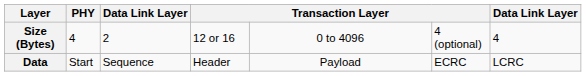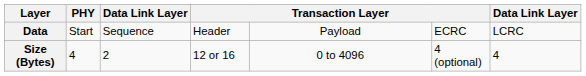 <table class="wikitable">
 <tr>
 <th scope="row" scope="col" style="width: 80px;">Layer</th>
 <th scope="col" style="width: 40px;">PHY</th>
 <th scope="col" style="width: 120px;">Data Link Layer</th>
 <th scope="col" colspan="3" style="width: 400px;">Transaction Layer</th>
 <th scope="col" style="width: 120px;">Data Link Layer</th>
+</tr>
+<tr>
+<th scope="row">Data</th>
+<td>Start</td>
+<td>Sequence</td>
+<td scope="col" style="width: 75px;">Header</td>
+<td scope="col" style="width: 250px;text-align:center;">Payload</td>
+<td scope="col" style="width: 75px;">ECRC</td>
+<td>LCRC</td>
 </tr>
 <tr>
 <th scope="row">Size (Bytes)</th>
 <td>4</td>
 <td>2</td>
 <td>12 or 16</td>
 <td scope="col" style="text-align:center;">0 to 4096</td>
 <td>4 (optional)</td>
 <td>4</td>
 </tr>
-<tr>
-<th scope="row">Data</th>
-<td>Start</td>
-<td>Sequence</td>
-<td scope="col" style="width: 75px;">Header</td>
-<td scope="col" style="width: 250px;text-align:center;">Payload</td>
-<td scope="col" style="width: 75px;">ECRC</td>
-<td>LCRC</td>
-</tr>
 </table>
